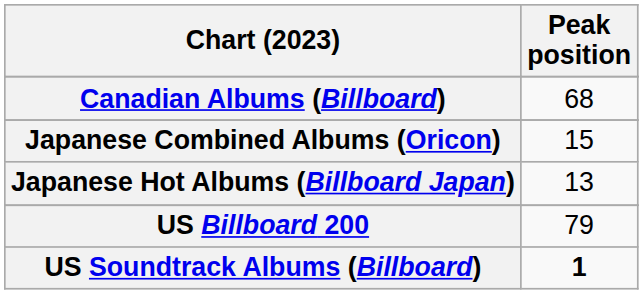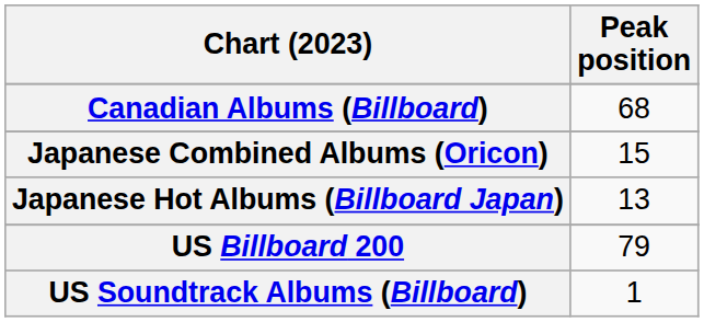 <table class="wikitable sortable plainrowheaders" style="text-align:center">
 <tr>
 <th scope="col">Chart (2023)</th>
 <th scope="col">Peak<br>position</th>
 </tr>
 <tr>
 </tr>
 <tr>
 <th scope="row"><a href='#'>Canadian Albums</a> (<em><a href='#'>Billboard</a></em>)</th>
 <td>68</td>
 </tr>
 <tr>
 </tr>
 <tr>
 </tr>
 <tr>
 <th scope="row">Japanese Combined Albums (<a href='#'>Oricon</a>)</th>
 <td>15</td>
 </tr>
 <tr>
 <th scope="row">Japanese Hot Albums (<em><a href='#'>Billboard Japan</a></em>)</th>
 <td>13</td>
 </tr>
 <tr>
 </tr>
 <tr>
 </tr>
 <tr>
 </tr>
 <tr>
 <th scope="row">US <a href='#'><em>Billboard</em> 200</a></th>
 <td>79</td>
 </tr>
 <tr>
 <th scope="row">US <a href='#'>Soundtrack Albums</a> (<em><a href='#'>Billboard</a></em>)</th>
-<td><strong>1</strong></td>
+<td>1</td>
 </tr>
 </table>
